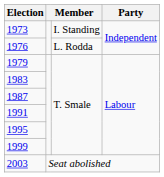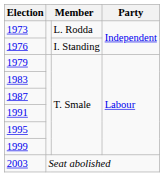 <table class="wikitable">
 <tr>
 <th>Election</th>
 <th colspan="2">Member</th>
 <th>Party</th>
 </tr>
 <tr>
 <td><a href='#'>1973</a></td>
 <td rowspan="2" style="background-color: "></td>
-<td rowspan="1">I. Standing</td>
+<td rowspan="1">L. Rodda</td>
 <td rowspan="2"><a href='#'>Independent</a></td>
 </tr>
 <tr>
 <td><a href='#'>1976</a></td>
-<td rowspan="1">L. Rodda</td>
+<td rowspan="1">I. Standing</td>
 </tr>
 <tr>
 <td><a href='#'>1979</a></td>
 <td rowspan="6" style="background-color: "></td>
 <td rowspan="6">T. Smale</td>
 <td rowspan="6"><a href='#'>Labour</a></td>
 </tr>
 <tr>
 <td><a href='#'>1983</a></td>
 </tr>
 <tr>
 <td><a href='#'>1987</a></td>
 </tr>
 <tr>
 <td><a href='#'>1991</a></td>
 </tr>
 <tr>
 <td><a href='#'>1995</a></td>
 </tr>
 <tr>
 <td><a href='#'>1999</a></td>
 </tr>
 <tr>
 <td><a href='#'>2003</a></td>
 <td colspan="3"><em>Seat abolished</em></td>
 </tr>
 </table>
